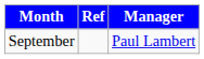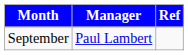 <table class="wikitable" style="text-align:center">
 <tr>
 <th style="background:blue; color:white; width=0%">Month</th>
+<th style="background:blue; color:white; width=0%">Manager</th>
 <th style="background:blue; color:white; width=0%">Ref</th>
-<th style="background:blue; color:white; width=0%">Manager</th>
 </tr>
 <tr>
 <td>September</td>
+<td> <a href='#'>Paul Lambert</a></td>
 <td></td>
-<td> <a href='#'>Paul Lambert</a></td>
 </tr>
 </table>
